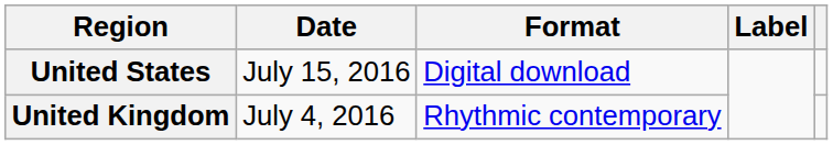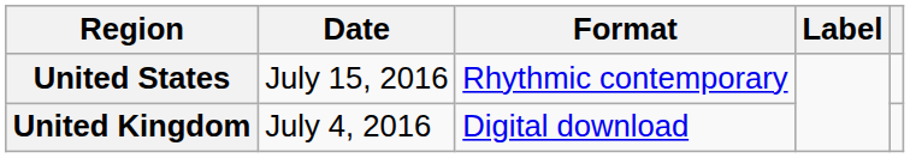 <table class="wikitable plainrowheaders">
 <tr>
 <th scope="col">Region</th>
 <th scope="col">Date</th>
 <th scope="col">Format</th>
 <th scope="col">Label</th>
 <th scope="col"></th>
 </tr>
 <tr>
 <th scope="row">United States</th>
 <td>July 15, 2016</td>
-<td><a href='#'>Digital download</a></td>
+<td><a href='#'>Rhythmic contemporary</a></td>
 <td rowspan="2"></td>
 <td><br></td>
 </tr>
 <tr>
 <th scope="row">United Kingdom</th>
 <td>July 4, 2016</td>
-<td><a href='#'>Rhythmic contemporary</a></td>
+<td><a href='#'>Digital download</a></td>
 <td></td>
 </tr>
 </table>
